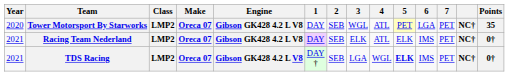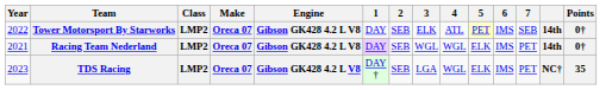 <table class="wikitable" style="text-align:center; font-size:85%">
 <tr>
 <th>Year</th>
 <th>Team</th>
 <th>Class</th>
 <th>Make</th>
 <th>Engine</th>
 <th>1</th>
 <th>2</th>
 <th>3</th>
 <th>4</th>
 <th>5</th>
 <th>6</th>
 <th>7</th>
 <th></th>
 <th>Points</th>
 </tr>
 <tr>
-<td><a href='#'>2020</a></td>
+<td><a href='#'>2022</a></td>
 <th nowrap><a href='#'>Tower Motorsport By Starworks</a></th>
 <th>LMP2</th>
 <th nowrap><a href='#'>Oreca 07</a></th>
 <th nowrap><a href='#'>Gibson</a> GK428 4.2 L V8</th>
 <td><a href='#'>DAY</a></td>
 <td><a href='#'>SEB</a></td>
-<td><a href='#'>WGL</a></td>
+<td><a href='#'>ELK</a></td>
 <td><a href='#'>ATL</a></td>
 <td style="background:#FFFFBF;"><a href='#'>PET</a><br></td>
-<td><a href='#'>LGA</a></td>
-<td><a href='#'>PET</a></td>
-<th>NC†</th>
-<th>35</th>
+<td><a href='#'>IMS</a></td>
+<td><a href='#'>SEB</a></td>
+<th>14th</th>
+<th>0†</th>
 </tr>
 <tr>
 <td><a href='#'>2021</a></td>
 <th nowrap><a href='#'>Racing Team Nederland</a></th>
 <th>LMP2</th>
 <th nowrap><a href='#'>Oreca 07</a></th>
 <th nowrap><a href='#'>Gibson</a> GK428 4.2 L V8</th>
 <td style="background:#EFCFFF;"><a href='#'>DAY</a><br></td>
 <td><a href='#'>SEB</a></td>
-<td><a href='#'>ELK</a></td>
-<td><a href='#'>ATL</a></td>
+<td><a href='#'>WGL</a></td>
+<td><a href='#'>WGL</a></td>
 <td><a href='#'>ELK</a></td>
 <td><a href='#'>IMS</a></td>
 <td><a href='#'>PET</a></td>
-<th>NC†</th>
+<th>14th</th>
 <th>0†</th>
 </tr>
 <tr>
-<td><a href='#'>2021</a></td>
+<td><a href='#'>2023</a></td>
 <th><a href='#'>TDS Racing</a></th>
 <th>LMP2</th>
 <th><a href='#'>Oreca 07</a></th>
 <th><a href='#'>Gibson</a> GK428 4.2 L <a href='#'>V8</a></th>
 <td style="background:#DFFFDF;"><a href='#'>DAY</a><br>†</td>
 <td><a href='#'>SEB</a></td>
 <td><a href='#'>LGA</a></td>
 <td><a href='#'>WGL</a></td>
-<td><strong><a href='#'>ELK</a></strong></td>
+<td><a href='#'>ELK</a></td>
 <td><a href='#'>IMS</a></td>
 <td><a href='#'>PET</a></td>
 <th>NC†</th>
-<th>0†</th>
+<th>35</th>
 </tr>
 </table>
